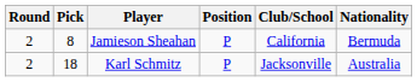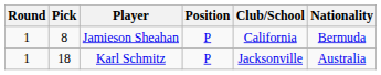 <table class="wikitable" style="font-size: 95%;">
 <tr>
 <th scope="col">Round</th>
 <th scope="col">Pick</th>
 <th scope="col">Player</th>
 <th scope="col">Position</th>
 <th scope="col">Club/School</th>
 <th scope="col">Nationality</th>
 </tr>
 <tr align="center">
-<td align=center>2</td>
+<td align=center>1</td>
 <td>8</td>
 <td><a href='#'>Jamieson Sheahan</a></td>
 <td><a href='#'>P</a></td>
 <td><a href='#'>California</a></td>
 <td> <a href='#'>Bermuda</a></td>
 </tr>
 <tr align="center">
-<td align=center>2</td>
+<td align=center>1</td>
 <td>18</td>
 <td><a href='#'>Karl Schmitz</a></td>
 <td><a href='#'>P</a></td>
 <td><a href='#'>Jacksonville</a></td>
 <td> <a href='#'>Australia</a></td>
 </tr>
 </table>
